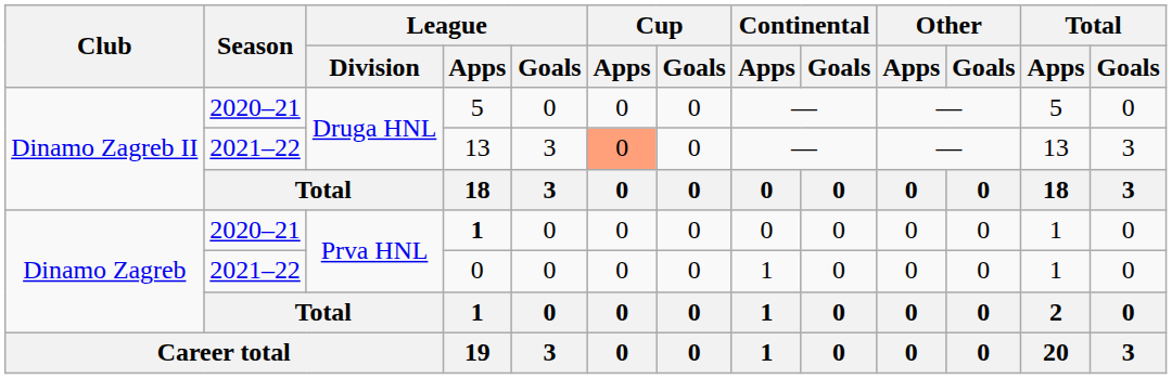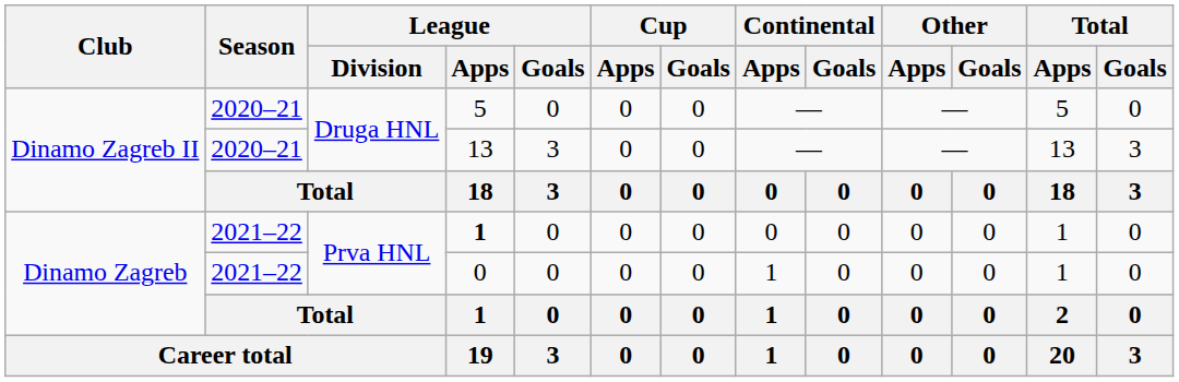 <table class="wikitable" style="text-align: center">
 <tr>
 <th rowspan="2">Club</th>
 <th rowspan="2">Season</th>
 <th colspan="3">League</th>
 <th colspan="2">Cup</th>
 <th colspan="2">Continental</th>
 <th colspan="2">Other</th>
 <th colspan="2">Total</th>
 </tr>
 <tr>
 <th>Division</th>
 <th>Apps</th>
 <th>Goals</th>
 <th>Apps</th>
 <th>Goals</th>
 <th>Apps</th>
 <th>Goals</th>
 <th>Apps</th>
 <th>Goals</th>
 <th>Apps</th>
 <th>Goals</th>
 </tr>
 <tr>
 <td rowspan="3"><a href='#'>Dinamo Zagreb II</a></td>
 <td><a href='#'>2020–21</a></td>
 <td rowspan="2"><a href='#'>Druga HNL</a></td>
 <td>5</td>
 <td>0</td>
 <td>0</td>
 <td>0</td>
 <td colspan="2">—</td>
 <td colspan="2">—</td>
 <td>5</td>
 <td>0</td>
 </tr>
 <tr>
-<td><a href='#'>2021–22</a></td>
+<td><a href='#'>2020–21</a></td>
 <td>13</td>
 <td>3</td>
-<td style="background: lightsalmon;">0</td>
+<td>0</td>
 <td>0</td>
 <td colspan="2">—</td>
 <td colspan="2">—</td>
 <td>13</td>
 <td>3</td>
 </tr>
 <tr>
 <th colspan=2>Total</th>
 <th>18</th>
 <th>3</th>
 <th>0</th>
 <th>0</th>
 <th>0</th>
 <th>0</th>
 <th>0</th>
 <th>0</th>
 <th>18</th>
 <th>3</th>
 </tr>
 <tr>
 <td rowspan="3"><a href='#'>Dinamo Zagreb</a></td>
-<td><a href='#'>2020–21</a></td>
+<td><a href='#'>2021–22</a></td>
 <td rowspan="2"><a href='#'>Prva HNL</a></td>
 <td><strong>1</strong></td>
 <td>0</td>
 <td>0</td>
 <td>0</td>
 <td>0</td>
 <td>0</td>
 <td>0</td>
 <td>0</td>
 <td>1</td>
 <td>0</td>
 </tr>
 <tr>
 <td><a href='#'>2021–22</a></td>
 <td>0</td>
 <td>0</td>
 <td>0</td>
 <td>0</td>
 <td>1</td>
 <td>0</td>
 <td>0</td>
 <td>0</td>
 <td>1</td>
 <td>0</td>
 </tr>
 <tr>
 <th colspan=2>Total</th>
 <th>1</th>
 <th>0</th>
 <th>0</th>
 <th>0</th>
 <th>1</th>
 <th>0</th>
 <th>0</th>
 <th>0</th>
 <th>2</th>
 <th>0</th>
 </tr>
 <tr>
 <th colspan=3>Career total</th>
 <th>19</th>
 <th>3</th>
 <th>0</th>
 <th>0</th>
 <th>1</th>
 <th>0</th>
 <th>0</th>
 <th>0</th>
 <th>20</th>
 <th>3</th>
 </tr>
 </table>
